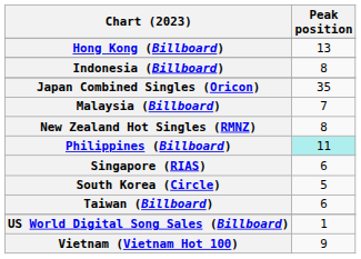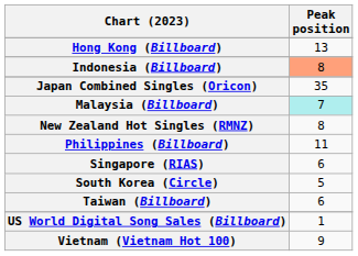 <table class="wikitable sortable plainrowheaders" style="text-align:center">
 <tr>
 <th scope="col">Chart (2023)</th>
 <th scope="col">Peak<br>position</th>
 </tr>
 <tr>
 </tr>
 <tr>
 </tr>
 <tr>
 </tr>
 <tr>
 <th scope="row"><a href='#'>Hong Kong</a> (<em><a href='#'>Billboard</a></em>)</th>
 <td>13</td>
 </tr>
 <tr>
 </tr>
 <tr>
 <th scope="row">Indonesia (<em><a href='#'>Billboard</a></em>)</th>
-<td>8</td>
+<td style="background: lightsalmon;">8</td>
 </tr>
 <tr>
 </tr>
 <tr>
 <th scope="row">Japan Combined Singles (<a href='#'>Oricon</a>)</th>
 <td>35</td>
 </tr>
 <tr>
 <th scope="row">Malaysia (<em><a href='#'>Billboard</a></em>)</th>
-<td>7</td>
+<td style="background: paleturquoise;">7</td>
 </tr>
 <tr>
 <th scope="row">New Zealand Hot Singles (<a href='#'>RMNZ</a>)</th>
 <td>8</td>
 </tr>
 <tr>
 <th scope="row"><a href='#'>Philippines</a> (<em><a href='#'>Billboard</a></em>)</th>
-<td style="background: paleturquoise;">11</td>
+<td>11</td>
 </tr>
 <tr>
 <th scope="row">Singapore (<a href='#'>RIAS</a>)</th>
 <td>6</td>
 </tr>
 <tr>
 <th scope="row">South Korea (<a href='#'>Circle</a>)</th>
 <td>5</td>
 </tr>
 <tr>
 <th scope="row">Taiwan (<em><a href='#'>Billboard</a></em>)</th>
 <td>6</td>
 </tr>
 <tr>
 </tr>
 <tr>
 </tr>
 <tr>
 <th scope="row">US <a href='#'>World Digital Song Sales</a> (<em><a href='#'>Billboard</a></em>)</th>
 <td>1</td>
 </tr>
 <tr>
 <th scope="row">Vietnam (<a href='#'>Vietnam Hot 100</a>)</th>
 <td>9</td>
 </tr>
 </table>
